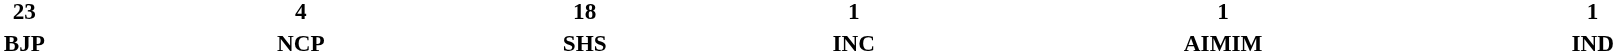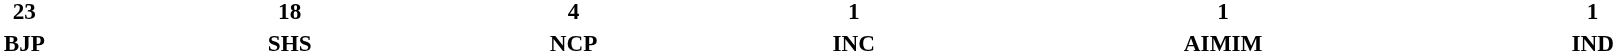 <table style="width:100%; text-align:center;">
 <tr>
 <td style="background:"><strong>23</strong></td>
+<td style="background:"><strong>18</strong></td>
 <td style="background:"><strong>4</strong></td>
-<td style="background:"><strong>18</strong></td>
 <td style="background:"><strong>1</strong></td>
 <td style="background:"><strong>1</strong></td>
 <td style="background:"><strong>1</strong></td>
 </tr>
 <tr>
 <td><span><strong>BJP</strong></span></td>
+<td><span><strong>SHS</strong></span></td>
 <td><span><strong>NCP</strong></span></td>
-<td><span><strong>SHS</strong></span></td>
 <td><span><strong>INC</strong></span></td>
 <td><span><strong>AIMIM</strong></span></td>
 <td><span><strong>IND</strong></span></td>
 </tr>
 </table>
